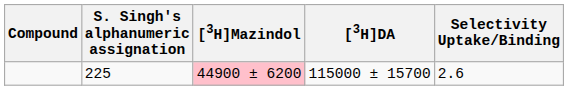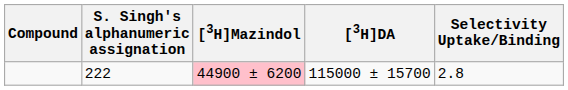 <table class="wikitable">
 <tr>
 <th>Compound</th>
 <th>S. Singh's<br>alphanumeric<br>assignation</th>
 <th>[<sup>3</sup>H]Mazindol</th>
 <th>[<sup>3</sup>H]DA</th>
 <th>Selectivity<br>Uptake/Binding</th>
 </tr>
 <tr>
 <td></td>
-<td>225</td>
+<td>222</td>
 <td style="background: pink;">44900 ± 6200</td>
 <td>115000 ± 15700</td>
-<td>2.6</td>
+<td>2.8</td>
 </tr>
 </table>
